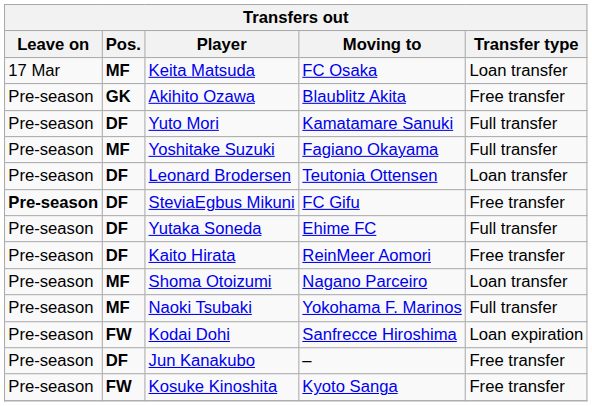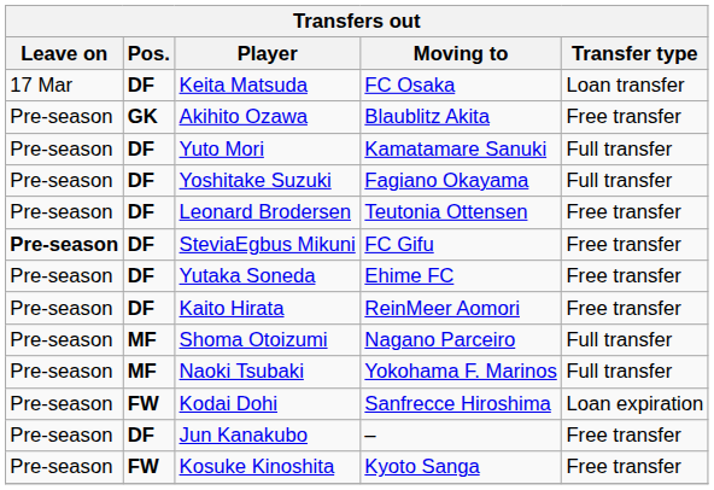 <table class="wikitable sortable" style=“text-align:left;>
 <tr>
 <th colspan="5">Transfers out</th>
 </tr>
 <tr>
 <th>Leave on</th>
 <th>Pos.</th>
 <th>Player</th>
 <th>Moving to</th>
 <th>Transfer type</th>
 </tr>
 <tr>
 <td>17 Mar</td>
-<td><strong>MF</strong></td>
+<td><strong>DF</strong></td>
 <td> <a href='#'>Keita Matsuda</a></td>
 <td> <a href='#'>FC Osaka</a></td>
 <td>Loan transfer</td>
 </tr>
 <tr>
 <td>Pre-season</td>
 <td><strong>GK</strong></td>
 <td> <a href='#'>Akihito Ozawa</a></td>
 <td> <a href='#'>Blaublitz Akita</a></td>
 <td>Free transfer</td>
 </tr>
 <tr>
 <td>Pre-season</td>
 <td><strong>DF</strong></td>
 <td> <a href='#'>Yuto Mori</a></td>
 <td> <a href='#'>Kamatamare Sanuki</a></td>
 <td>Full transfer</td>
 </tr>
 <tr>
 <td>Pre-season</td>
-<td><strong>MF</strong></td>
+<td><strong>DF</strong></td>
 <td> <a href='#'>Yoshitake Suzuki</a></td>
 <td> <a href='#'>Fagiano Okayama</a></td>
 <td>Full transfer</td>
 </tr>
 <tr>
 <td>Pre-season</td>
 <td><strong>DF</strong></td>
 <td> <a href='#'>Leonard Brodersen</a></td>
 <td> <a href='#'>Teutonia Ottensen</a></td>
-<td>Loan transfer</td>
+<td>Free transfer</td>
 </tr>
 <tr>
 <td><strong>Pre-season</strong></td>
 <td><strong>DF</strong></td>
 <td> <a href='#'>SteviaEgbus Mikuni</a></td>
 <td> <a href='#'>FC Gifu</a></td>
 <td>Free transfer</td>
 </tr>
 <tr>
 <td>Pre-season</td>
 <td><strong>DF</strong></td>
 <td> <a href='#'>Yutaka Soneda</a></td>
 <td> <a href='#'>Ehime FC</a></td>
-<td>Full transfer</td>
+<td>Free transfer</td>
 </tr>
 <tr>
 <td>Pre-season</td>
 <td><strong>DF</strong></td>
 <td> <a href='#'>Kaito Hirata</a></td>
 <td> <a href='#'>ReinMeer Aomori</a></td>
 <td>Free transfer</td>
 </tr>
 <tr>
 <td>Pre-season</td>
 <td><strong>MF</strong></td>
 <td> <a href='#'>Shoma Otoizumi</a></td>
 <td> <a href='#'>Nagano Parceiro</a></td>
-<td>Loan transfer</td>
+<td>Full transfer</td>
 </tr>
 <tr>
 <td>Pre-season</td>
 <td><strong>MF</strong></td>
 <td> <a href='#'>Naoki Tsubaki</a></td>
 <td> <a href='#'>Yokohama F. Marinos</a></td>
 <td>Full transfer</td>
 </tr>
 <tr>
 <td>Pre-season</td>
 <td><strong>FW</strong></td>
 <td> <a href='#'>Kodai Dohi</a></td>
 <td> <a href='#'>Sanfrecce Hiroshima</a></td>
 <td>Loan expiration</td>
 </tr>
 <tr>
 <td>Pre-season</td>
 <td><strong>DF</strong></td>
 <td> <a href='#'>Jun Kanakubo</a></td>
 <td>–</td>
 <td>Free transfer</td>
 </tr>
 <tr>
 <td>Pre-season</td>
 <td><strong>FW</strong></td>
 <td> <a href='#'>Kosuke Kinoshita</a></td>
 <td> <a href='#'>Kyoto Sanga</a></td>
 <td>Free transfer</td>
 </tr>
 <tr>
 </tr>
 </table>
